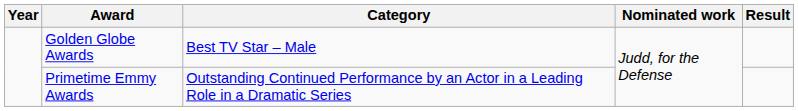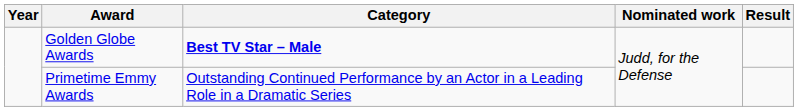 <table class="wikitable sortable">
 <tr>
 <th>Year</th>
 <th>Award</th>
 <th>Category</th>
 <th>Nominated work</th>
 <th>Result</th>
 </tr>
 <tr>
 <td rowspan="2"></td>
 <td><a href='#'>Golden Globe Awards</a></td>
-<td><a href='#'>Best TV Star – Male</a></td>
+<td><strong><a href='#'>Best TV Star – Male</a></strong></td>
 <td rowspan="2"><em>Judd, for the Defense</em></td>
 <td></td>
 </tr>
 <tr>
 <td><a href='#'>Primetime Emmy Awards</a></td>
 <td><a href='#'>Outstanding Continued Performance by an Actor in a Leading Role in a Dramatic Series</a></td>
 <td></td>
 </tr>
 </table>
